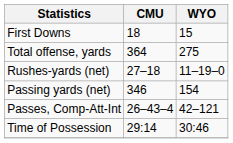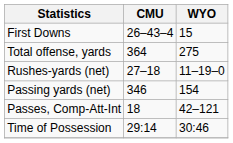 <table class="wikitable">
 <tr>
 <th>Statistics</th>
 <th>CMU</th>
 <th>WYO</th>
 </tr>
 <tr>
 <td>First Downs</td>
-<td>18</td>
+<td>26–43–4</td>
 <td>15</td>
 </tr>
 <tr>
 <td>Total offense, yards</td>
 <td>364</td>
 <td>275</td>
 </tr>
 <tr>
 <td>Rushes-yards (net)</td>
 <td>27–18</td>
 <td>11–19–0</td>
 </tr>
 <tr>
 <td>Passing yards (net)</td>
 <td>346</td>
 <td>154</td>
 </tr>
 <tr>
 <td>Passes, Comp-Att-Int</td>
-<td>26–43–4</td>
+<td>18</td>
 <td>42–121</td>
 </tr>
 <tr>
 <td>Time of Possession</td>
 <td>29:14</td>
 <td>30:46</td>
 </tr>
 <tr>
 </tr>
 </table>
